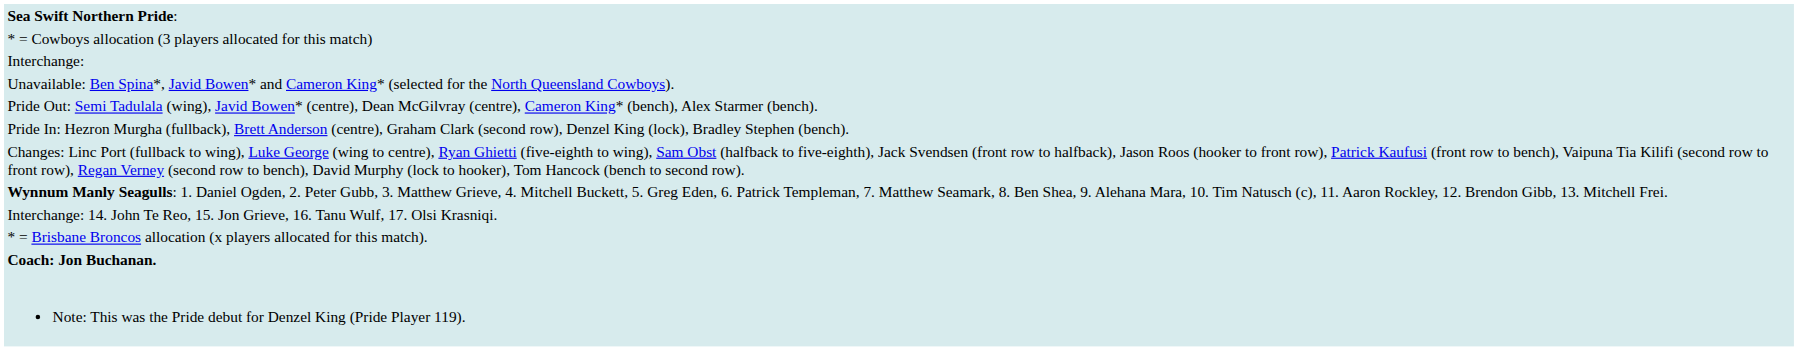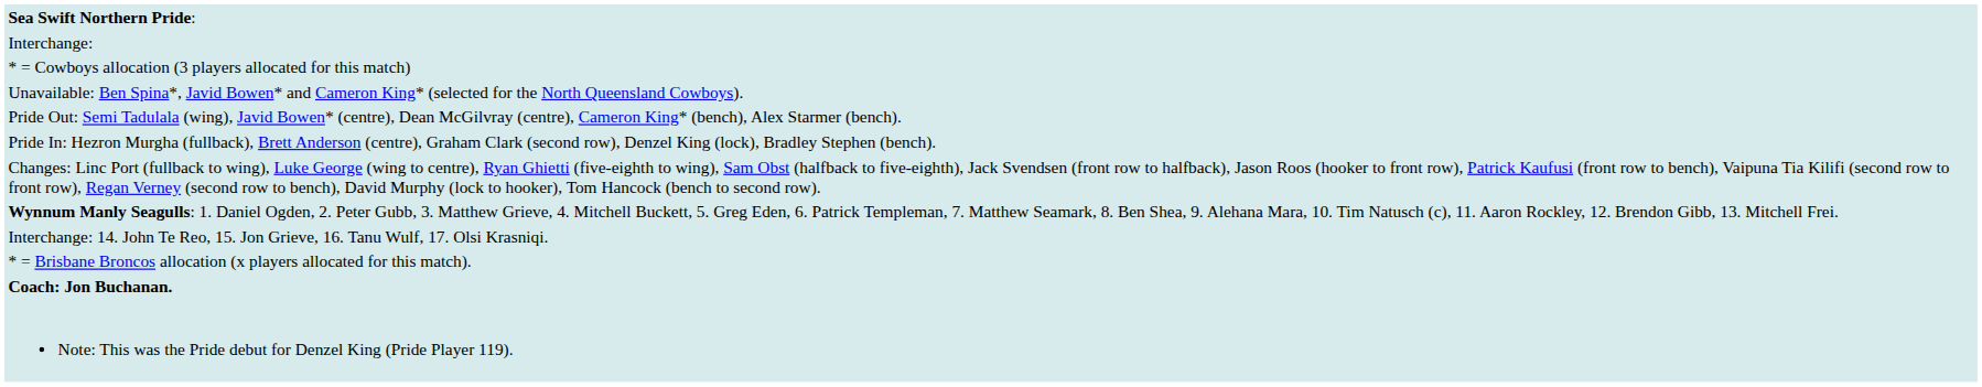 <table style="background:#d7ebed; font-size:85%; width:100%;">
 <tr>
 <td><strong>Sea Swift Northern Pride</strong>:             </td>
 </tr>
 <tr>
-<td>* = Cowboys allocation (3 players allocated for this match)</td>
+<td>Interchange:    </td>
 </tr>
 <tr>
-<td>Interchange:    </td>
+<td>* = Cowboys allocation (3 players allocated for this match)</td>
 </tr>
 <tr>
 <td>Unavailable: <a href='#'>Ben Spina</a>*, <a href='#'>Javid Bowen</a>* and <a href='#'>Cameron King</a>* (selected for the <a href='#'>North Queensland Cowboys</a>).</td>
 </tr>
 <tr>
 <td>Pride Out: <a href='#'>Semi Tadulala</a> (wing), <a href='#'>Javid Bowen</a>* (centre), Dean McGilvray (centre), <a href='#'>Cameron King</a>* (bench), Alex Starmer (bench).</td>
 </tr>
 <tr>
 <td>Pride In: Hezron Murgha (fullback), <a href='#'>Brett Anderson</a> (centre), Graham Clark (second row), Denzel King (lock), Bradley Stephen (bench).</td>
 </tr>
 <tr>
 <td>Changes: Linc Port (fullback to wing), <a href='#'>Luke George</a> (wing to centre), <a href='#'>Ryan Ghietti</a> (five-eighth to wing), <a href='#'>Sam Obst</a> (halfback to five-eighth), Jack Svendsen (front row to halfback), Jason Roos (hooker to front row), <a href='#'>Patrick Kaufusi</a> (front row to bench), Vaipuna Tia Kilifi (second row to front row), <a href='#'>Regan Verney</a> (second row to bench), David Murphy (lock to hooker), Tom Hancock (bench to second row).</td>
 </tr>
 <tr>
 <td><strong>Wynnum Manly Seagulls</strong>:  1. Daniel Ogden, 2. Peter Gubb, 3. Matthew Grieve, 4. Mitchell Buckett, 5. Greg Eden, 6. Patrick Templeman, 7. Matthew Seamark, 8. Ben Shea, 9. Alehana Mara, 10. Tim Natusch (c), 11. Aaron Rockley, 12. Brendon Gibb, 13. Mitchell Frei.</td>
 </tr>
 <tr>
 <td>Interchange: 14. John Te Reo, 15. Jon Grieve, 16. Tanu Wulf, 17. Olsi Krasniqi.</td>
 </tr>
 <tr>
 <td>* = <a href='#'>Brisbane Broncos</a> allocation (x players allocated for this match).</td>
 </tr>
 <tr>
 <td><strong>Coach: Jon Buchanan.</strong></td>
 </tr>
 <tr>
 <td><br><ul><li>Note: This was the Pride debut for Denzel King (Pride Player 119).</li></ul></td>
 </tr>
 <tr>
 </tr>
 </table>
